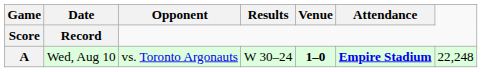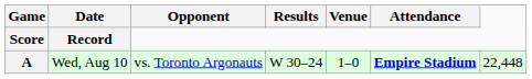 <table class="wikitable" style="text-align:center">
 <tr>
 <th>Game</th>
 <th>Date</th>
 <th>Opponent</th>
 <th>Results</th>
 <th>Venue</th>
 <th>Attendance</th>
 </tr>
 <tr>
 <th>Score</th>
 <th>Record</th>
 </tr>
 <tr style="background:#ddffdd">
 <th>A</th>
 <td>Wed, Aug 10</td>
 <td>vs. <a href='#'>Toronto Argonauts</a></td>
 <td>W 30–24</td>
-<td><strong>1–0</strong></td>
+<td>1–0</td>
 <td><strong><a href='#'>Empire Stadium</a></strong></td>
-<td>22,248</td>
+<td>22,448</td>
 </tr>
 </table>
